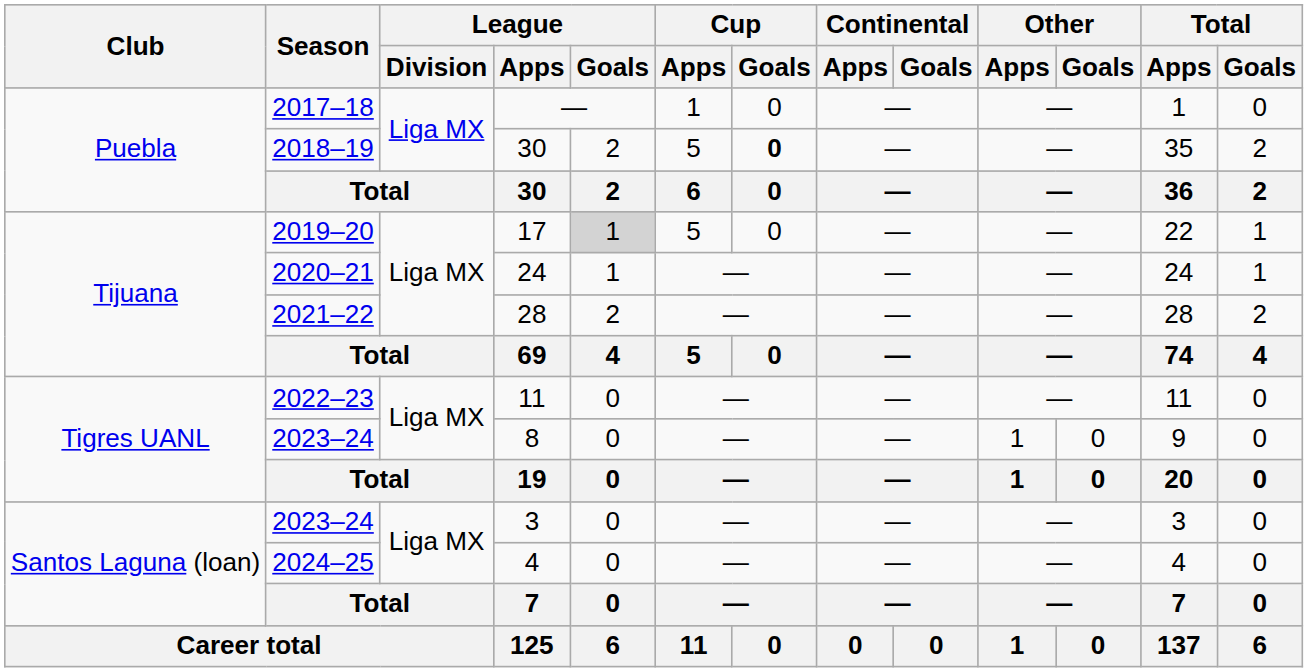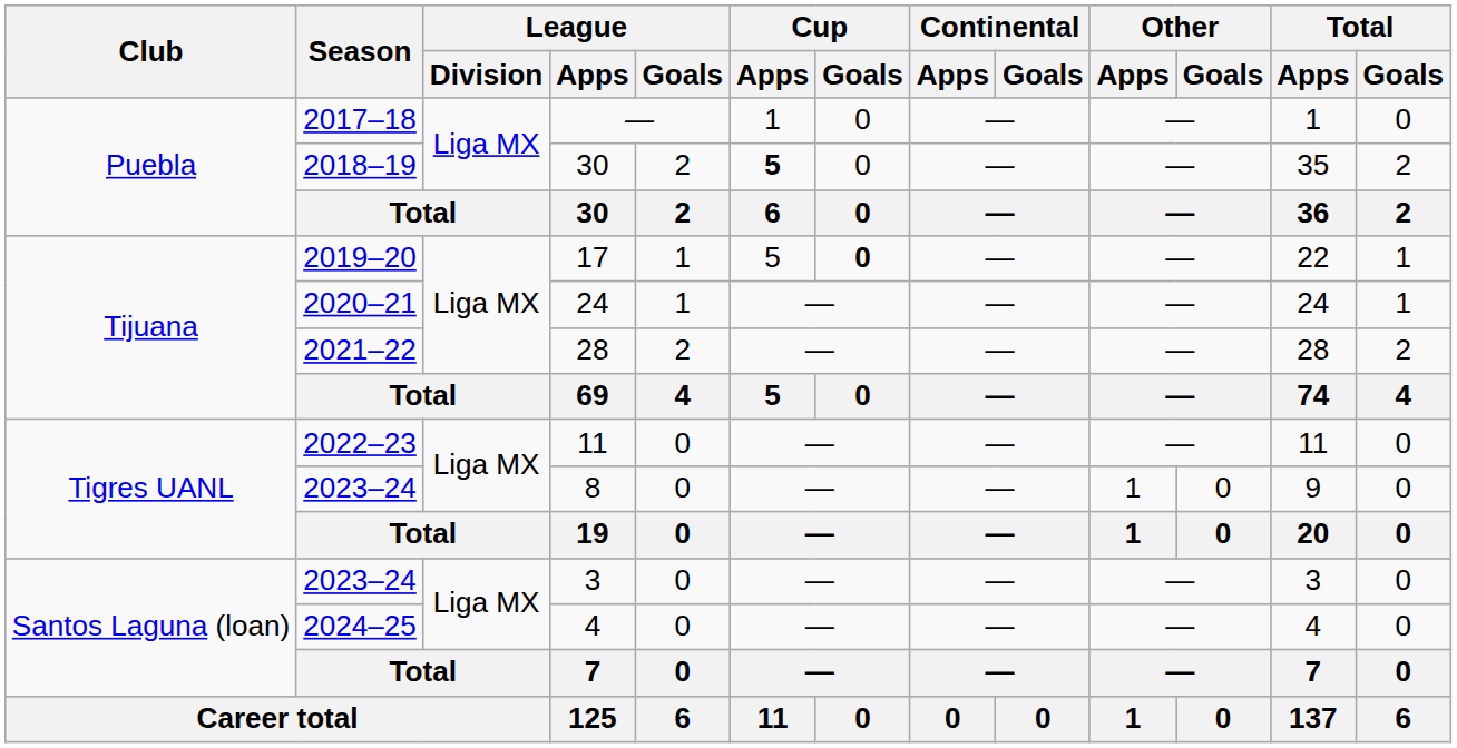 <table class="wikitable" style="text-align:center">
 <tr>
 <th rowspan="2">Club</th>
 <th rowspan="2">Season</th>
 <th colspan="3">League</th>
 <th colspan="2">Cup</th>
 <th colspan="2">Continental</th>
 <th colspan="2">Other</th>
 <th colspan="2">Total</th>
 </tr>
 <tr>
 <th>Division</th>
 <th>Apps</th>
 <th>Goals</th>
 <th>Apps</th>
 <th>Goals</th>
 <th>Apps</th>
 <th>Goals</th>
 <th>Apps</th>
 <th>Goals</th>
 <th>Apps</th>
 <th>Goals</th>
 </tr>
 <tr>
 <td rowspan="3"><a href='#'>Puebla</a></td>
 <td><a href='#'>2017–18</a></td>
 <td rowspan="2"><a href='#'>Liga MX</a></td>
 <td colspan=2>—</td>
 <td>1</td>
 <td>0</td>
 <td colspan=2>—</td>
 <td colspan=2>—</td>
 <td>1</td>
 <td>0</td>
 </tr>
 <tr>
 <td><a href='#'>2018–19</a></td>
 <td>30</td>
 <td>2</td>
-<td>5</td>
-<td><strong>0</strong></td>
+<td><strong>5</strong></td>
+<td>0</td>
 <td colspan=2>—</td>
 <td colspan="2">—</td>
 <td>35</td>
 <td>2</td>
 </tr>
 <tr>
 <th colspan="2">Total</th>
 <th>30</th>
 <th>2</th>
 <th>6</th>
 <th>0</th>
 <th colspan=2>—</th>
 <th colspan=2>—</th>
 <th>36</th>
 <th>2</th>
 </tr>
 <tr>
 <td rowspan="4"><a href='#'>Tijuana</a></td>
 <td><a href='#'>2019–20</a></td>
 <td rowspan="3">Liga MX</td>
 <td>17</td>
-<td style="background: lightgrey;">1</td>
+<td>1</td>
 <td>5</td>
-<td>0</td>
+<td><strong>0</strong></td>
 <td colspan=2>—</td>
 <td colspan=2>—</td>
 <td>22</td>
 <td>1</td>
 </tr>
 <tr>
 <td><a href='#'>2020–21</a></td>
 <td>24</td>
 <td>1</td>
 <td colspan=2>—</td>
 <td colspan=2>—</td>
 <td colspan="2">—</td>
 <td>24</td>
 <td>1</td>
 </tr>
 <tr>
 <td><a href='#'>2021–22</a></td>
 <td>28</td>
 <td>2</td>
 <td colspan=2>—</td>
 <td colspan=2>—</td>
 <td colspan="2">—</td>
 <td>28</td>
 <td>2</td>
 </tr>
 <tr>
 <th colspan="2">Total</th>
 <th>69</th>
 <th>4</th>
 <th>5</th>
 <th>0</th>
 <th colspan="2">—</th>
 <th colspan="2">—</th>
 <th>74</th>
 <th>4</th>
 </tr>
 <tr>
 <td rowspan="3"><a href='#'>Tigres UANL</a></td>
 <td><a href='#'>2022–23</a></td>
 <td rowspan="2">Liga MX</td>
 <td>11</td>
 <td>0</td>
 <td colspan="2">—</td>
 <td colspan=2>—</td>
 <td colspan=2>—</td>
 <td>11</td>
 <td>0</td>
 </tr>
 <tr>
 <td><a href='#'>2023–24</a></td>
 <td>8</td>
 <td>0</td>
 <td colspan=2>—</td>
 <td colspan=2>—</td>
 <td>1</td>
 <td>0</td>
 <td>9</td>
 <td>0</td>
 </tr>
 <tr>
 <th colspan="2">Total</th>
 <th>19</th>
 <th>0</th>
 <th colspan="2">—</th>
 <th colspan="2">—</th>
 <th>1</th>
 <th>0</th>
 <th>20</th>
 <th>0</th>
 </tr>
 <tr>
 <td rowspan="3"><a href='#'>Santos Laguna</a> (loan)</td>
 <td><a href='#'>2023–24</a></td>
 <td rowspan="2">Liga MX</td>
 <td>3</td>
 <td>0</td>
 <td colspan=2>—</td>
 <td colspan=2>—</td>
 <td colspan="2">—</td>
 <td>3</td>
 <td>0</td>
 </tr>
 <tr>
 <td><a href='#'>2024–25</a></td>
 <td>4</td>
 <td>0</td>
 <td colspan=2>—</td>
 <td colspan=2>—</td>
 <td colspan="2">—</td>
 <td>4</td>
 <td>0</td>
 </tr>
 <tr>
 <th colspan="2">Total</th>
 <th>7</th>
 <th>0</th>
 <th colspan="2">—</th>
 <th colspan="2">—</th>
 <th colspan="2">—</th>
 <th>7</th>
 <th>0</th>
 </tr>
 <tr>
 <th colspan="3">Career total</th>
 <th>125</th>
 <th>6</th>
 <th>11</th>
 <th>0</th>
 <th>0</th>
 <th>0</th>
 <th>1</th>
 <th>0</th>
 <th>137</th>
 <th>6</th>
 </tr>
 </table>
